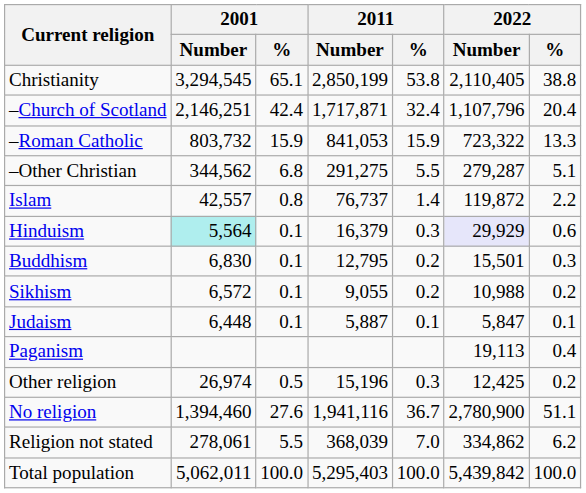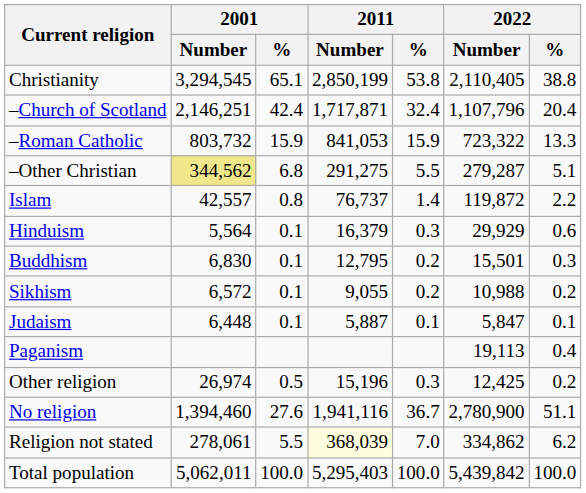 <table class="wikitable sortable">
 <tr>
 <th rowspan="2">Current religion</th>
 <th colspan="2">2001</th>
 <th colspan="2">2011</th>
 <th colspan="2">2022</th>
 </tr>
 <tr>
 <th>Number</th>
 <th>%</th>
 <th>Number</th>
 <th>%</th>
 <th>Number</th>
 <th>%</th>
 </tr>
 <tr>
 <td>Christianity</td>
 <td style="text-align:right">3,294,545</td>
 <td style="text-align:right">65.1</td>
 <td style="text-align:right">2,850,199</td>
 <td style="text-align:right">53.8</td>
 <td style="text-align:right">2,110,405</td>
 <td style="text-align:right">38.8</td>
 </tr>
 <tr>
 <td>–<a href='#'>Church of Scotland</a></td>
 <td style="text-align:right">2,146,251</td>
 <td style="text-align:right">42.4</td>
 <td style="text-align:right">1,717,871</td>
 <td style="text-align:right">32.4</td>
 <td style="text-align:right">1,107,796</td>
 <td style="text-align:right">20.4</td>
 </tr>
 <tr>
 <td>–<a href='#'>Roman Catholic</a></td>
 <td style="text-align:right">803,732</td>
 <td style="text-align:right">15.9</td>
 <td style="text-align:right">841,053</td>
 <td style="text-align:right">15.9</td>
 <td style="text-align:right">723,322</td>
 <td style="text-align:right">13.3</td>
 </tr>
 <tr>
 <td>–Other Christian</td>
-<td style="text-align:right">344,562</td>
+<td style="background: khaki; text-align:right">344,562</td>
 <td style="text-align:right">6.8</td>
 <td style="text-align:right">291,275</td>
 <td style="text-align:right">5.5</td>
 <td style="text-align:right">279,287</td>
 <td style="text-align:right">5.1</td>
 </tr>
 <tr>
 <td><a href='#'>Islam</a></td>
 <td style="text-align:right">42,557</td>
 <td style="text-align:right">0.8</td>
 <td style="text-align:right">76,737</td>
 <td style="text-align:right">1.4</td>
 <td style="text-align:right">119,872</td>
 <td style="text-align:right">2.2</td>
 </tr>
 <tr>
 <td><a href='#'>Hinduism</a></td>
-<td style="background: paleturquoise; text-align:right">5,564</td>
+<td style="text-align:right">5,564</td>
 <td style="text-align:right">0.1</td>
 <td style="text-align:right">16,379</td>
 <td style="text-align:right">0.3</td>
-<td style="background: lavender; text-align:right">29,929</td>
+<td style="text-align:right">29,929</td>
 <td style="text-align:right">0.6</td>
 </tr>
 <tr>
 <td><a href='#'>Buddhism</a></td>
 <td style="text-align:right">6,830</td>
 <td style="text-align:right">0.1</td>
 <td style="text-align:right">12,795</td>
 <td style="text-align:right">0.2</td>
 <td style="text-align:right">15,501</td>
 <td style="text-align:right">0.3</td>
 </tr>
 <tr>
 <td><a href='#'>Sikhism</a></td>
 <td style="text-align:right">6,572</td>
 <td style="text-align:right">0.1</td>
 <td style="text-align:right">9,055</td>
 <td style="text-align:right">0.2</td>
 <td style="text-align:right">10,988</td>
 <td style="text-align:right">0.2</td>
 </tr>
 <tr>
 <td><a href='#'>Judaism</a></td>
 <td style="text-align:right">6,448</td>
 <td style="text-align:right">0.1</td>
 <td style="text-align:right">5,887</td>
 <td style="text-align:right">0.1</td>
 <td style="text-align:right">5,847</td>
 <td style="text-align:right">0.1</td>
 </tr>
 <tr>
 <td><a href='#'>Paganism</a></td>
 <td></td>
 <td></td>
 <td></td>
 <td></td>
 <td style="text-align:right">19,113</td>
 <td style="text-align:right">0.4</td>
 </tr>
 <tr>
 <td>Other religion</td>
 <td style="text-align:right">26,974</td>
 <td style="text-align:right">0.5</td>
 <td style="text-align:right">15,196</td>
 <td style="text-align:right">0.3</td>
 <td style="text-align:right">12,425</td>
 <td style="text-align:right">0.2</td>
 </tr>
 <tr>
 <td><a href='#'>No religion</a></td>
 <td style="text-align:right">1,394,460</td>
 <td style="text-align:right">27.6</td>
 <td style="text-align:right">1,941,116</td>
 <td style="text-align:right">36.7</td>
 <td style="text-align:right">2,780,900</td>
 <td style="text-align:right">51.1</td>
 </tr>
 <tr>
 <td>Religion not stated</td>
 <td style="text-align:right">278,061</td>
 <td style="text-align:right">5.5</td>
-<td style="text-align:right">368,039</td>
+<td style="background: lightyellow; text-align:right">368,039</td>
 <td style="text-align:right">7.0</td>
 <td style="text-align:right">334,862</td>
 <td style="text-align:right">6.2</td>
 </tr>
 <tr>
 <td>Total population</td>
 <td style="text-align:right">5,062,011</td>
 <td style="text-align:right">100.0</td>
 <td style="text-align:right">5,295,403</td>
 <td style="text-align:right">100.0</td>
 <td style="text-align:right">5,439,842</td>
 <td style="text-align:right">100.0</td>
 </tr>
 </table>
